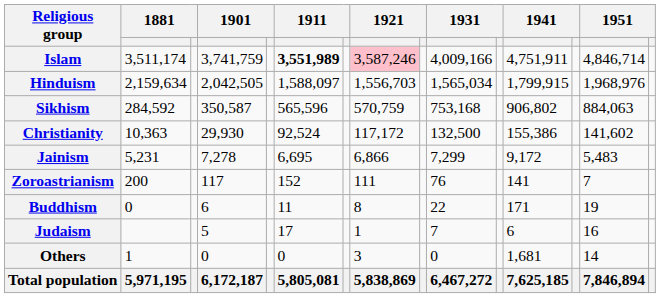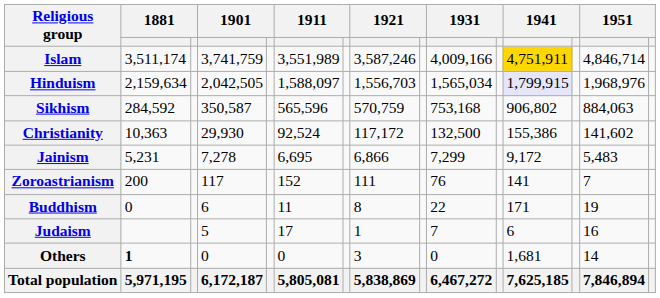 <table class="wikitable collapsible sortable">
 <tr>
 <th rowspan="2"><a href='#'>Religious</a><br>group</th>
 <th colspan="2">1881</th>
 <th colspan="2">1901</th>
 <th colspan="2">1911</th>
 <th colspan="2">1921</th>
 <th colspan="2">1931</th>
 <th colspan="2">1941</th>
 <th colspan="2">1951</th>
 </tr>
 <tr>
 <th><a href='#'></a></th>
 <th></th>
 <th></th>
 <th></th>
 <th></th>
 <th></th>
 <th></th>
 <th></th>
 <th></th>
 <th></th>
 <th></th>
 <th></th>
 <th></th>
 <th></th>
 </tr>
 <tr>
 <th><a href='#'>Islam</a> </th>
 <td>3,511,174</td>
 <td></td>
 <td>3,741,759</td>
 <td></td>
-<td><strong>3,551,989</strong></td>
+<td>3,551,989</td>
 <td></td>
-<td style="background: pink;">3,587,246</td>
+<td>3,587,246</td>
 <td></td>
 <td>4,009,166</td>
 <td></td>
-<td>4,751,911</td>
+<td style="background: gold;">4,751,911</td>
 <td></td>
 <td>4,846,714</td>
 <td></td>
 </tr>
 <tr>
 <th><a href='#'>Hinduism</a> </th>
 <td>2,159,634</td>
 <td></td>
 <td>2,042,505</td>
 <td></td>
 <td>1,588,097</td>
 <td></td>
 <td>1,556,703</td>
 <td></td>
 <td>1,565,034</td>
 <td></td>
-<td>1,799,915</td>
+<td style="background: lavender;">1,799,915</td>
 <td></td>
 <td>1,968,976</td>
 <td></td>
 </tr>
 <tr>
 <th><a href='#'>Sikhism</a> </th>
 <td>284,592</td>
 <td></td>
 <td>350,587</td>
 <td></td>
 <td>565,596</td>
 <td></td>
 <td>570,759</td>
 <td></td>
 <td>753,168</td>
 <td></td>
 <td>906,802</td>
 <td></td>
 <td>884,063</td>
 <td></td>
 </tr>
 <tr>
 <th><a href='#'>Christianity</a> </th>
 <td>10,363</td>
 <td></td>
 <td>29,930</td>
 <td></td>
 <td>92,524</td>
 <td></td>
 <td>117,172</td>
 <td></td>
 <td>132,500</td>
 <td></td>
 <td>155,386</td>
 <td></td>
 <td>141,602</td>
 <td></td>
 </tr>
 <tr>
 <th><a href='#'>Jainism</a> </th>
 <td>5,231</td>
 <td></td>
 <td>7,278</td>
 <td></td>
 <td>6,695</td>
 <td></td>
 <td>6,866</td>
 <td></td>
 <td>7,299</td>
 <td></td>
 <td>9,172</td>
 <td></td>
 <td>5,483</td>
 <td></td>
 </tr>
 <tr>
 <th><a href='#'>Zoroastrianism</a> </th>
 <td>200</td>
 <td></td>
 <td>117</td>
 <td></td>
 <td>152</td>
 <td></td>
 <td>111</td>
 <td></td>
 <td>76</td>
 <td></td>
 <td>141</td>
 <td></td>
 <td>7</td>
 <td></td>
 </tr>
 <tr>
 <th><a href='#'>Buddhism</a> </th>
 <td>0</td>
 <td></td>
 <td>6</td>
 <td></td>
 <td>11</td>
 <td></td>
 <td>8</td>
 <td></td>
 <td>22</td>
 <td></td>
 <td>171</td>
 <td></td>
 <td>19</td>
 <td></td>
 </tr>
 <tr>
 <th><a href='#'>Judaism</a> </th>
 <td></td>
 <td></td>
 <td>5</td>
 <td></td>
 <td>17</td>
 <td></td>
 <td>1</td>
 <td></td>
 <td>7</td>
 <td></td>
 <td>6</td>
 <td></td>
 <td>16</td>
 <td></td>
 </tr>
 <tr>
 <th>Others</th>
-<td>1</td>
+<td><strong>1</strong></td>
 <td></td>
 <td>0</td>
 <td></td>
 <td>0</td>
 <td></td>
 <td>3</td>
 <td></td>
 <td>0</td>
 <td></td>
 <td>1,681</td>
 <td></td>
 <td>14</td>
 <td></td>
 </tr>
 <tr>
 <th>Total population</th>
 <th>5,971,195</th>
 <th></th>
 <th>6,172,187</th>
 <th></th>
 <th>5,805,081</th>
 <th></th>
 <th>5,838,869</th>
 <th></th>
 <th>6,467,272</th>
 <th></th>
 <th>7,625,185</th>
 <th></th>
 <th>7,846,894</th>
 <th></th>
 </tr>
 </table>
